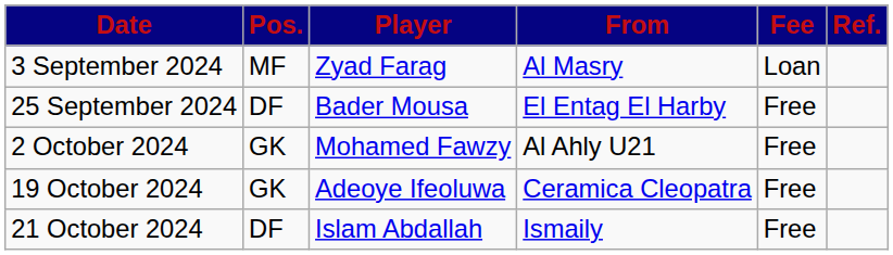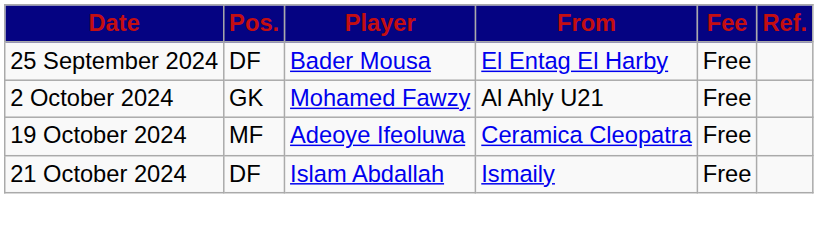 <table class="wikitable plainrowheaders sortable">
 <tr>
 <th style="background:#050382; color:#c40e11; ">Date</th>
 <th style="background:#050382; color:#c40e11; ">Pos.</th>
 <th style="background:#050382; color:#c40e11; ">Player</th>
 <th style="background:#050382; color:#c40e11; ">From</th>
 <th style="background:#050382; color:#c40e11; ">Fee</th>
 <th style="background:#050382; color:#c40e11; ">Ref.</th>
-</tr>
-<tr>
-<td>3 September 2024</td>
-<td>MF</td>
-<td> <a href='#'>Zyad Farag</a></td>
-<td> <a href='#'>Al Masry</a></td>
-<td>Loan</td>
-<td></td>
 </tr>
 <tr>
 <td>25 September 2024</td>
 <td>DF</td>
 <td> <a href='#'>Bader Mousa</a></td>
 <td> <a href='#'>El Entag El Harby</a></td>
 <td>Free</td>
 <td></td>
 </tr>
 <tr>
 <td>2 October 2024</td>
 <td>GK</td>
 <td> <a href='#'>Mohamed Fawzy</a></td>
 <td> Al Ahly U21</td>
 <td>Free</td>
 <td></td>
 </tr>
 <tr>
 <td>19 October 2024</td>
-<td>GK</td>
+<td>MF</td>
 <td> <a href='#'>Adeoye Ifeoluwa</a></td>
 <td> <a href='#'>Ceramica Cleopatra</a></td>
 <td>Free</td>
 <td></td>
 </tr>
 <tr>
 <td>21 October 2024</td>
 <td>DF</td>
 <td> <a href='#'>Islam Abdallah</a></td>
 <td> <a href='#'>Ismaily</a></td>
 <td>Free</td>
 <td></td>
 </tr>
 </table>
